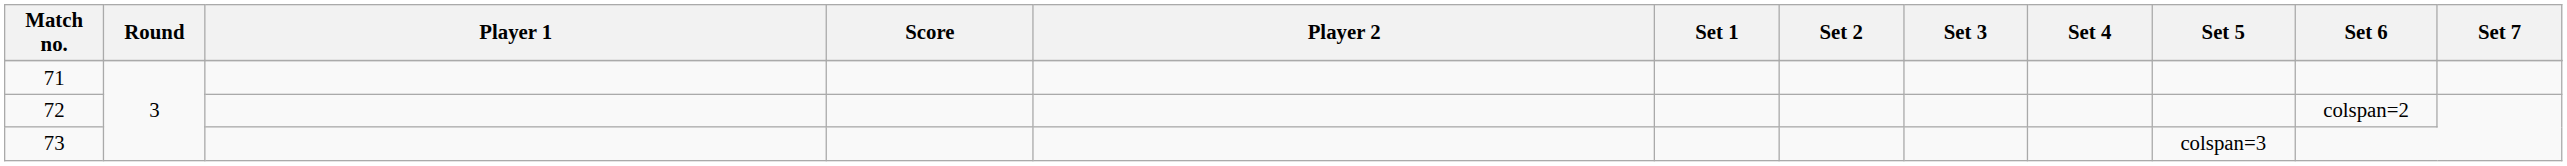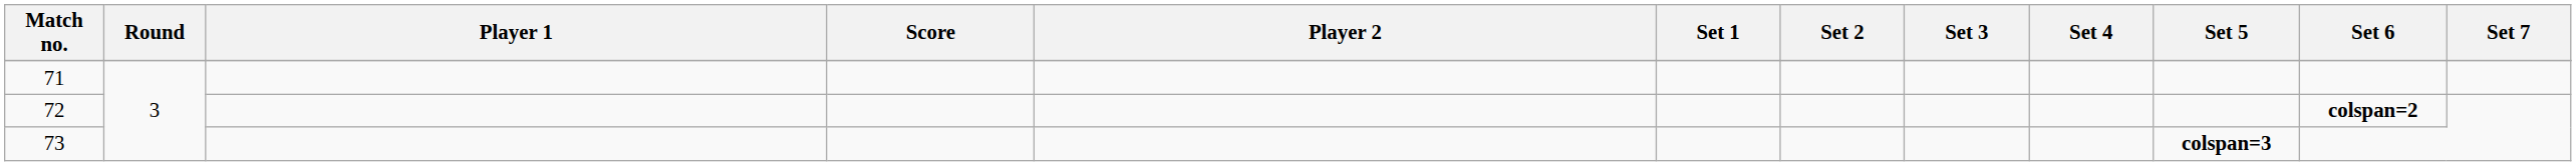 <table class="wikitable" style="text-align: center;">
 <tr>
 <th width="2%">Match no.</th>
 <th width="2%">Round</th>
 <th width="15%">Player 1</th>
 <th width="5%">Score</th>
 <th width="15%">Player 2</th>
 <th width="3%">Set 1</th>
 <th width="3%">Set 2</th>
 <th width="3%">Set 3</th>
 <th width="3%">Set 4</th>
 <th width="3%">Set 5</th>
 <th width="3%">Set 6</th>
 <th width="3%">Set 7</th>
 </tr>
 <tr>
 </tr>
 <tr style=text-align:center;>
 <td>71</td>
 <td rowspan=3>3</td>
 <td></td>
 <td></td>
 <td></td>
 <td></td>
 <td></td>
 <td></td>
 <td></td>
 <td></td>
 <td></td>
 <td></td>
 </tr>
 <tr style=text-align:center;>
 <td>72</td>
 <td></td>
 <td></td>
 <td></td>
 <td></td>
 <td></td>
 <td></td>
 <td></td>
 <td></td>
-<td>colspan=2</td>
+<td><strong>colspan=2</strong></td>
 </tr>
 <tr style=text-align:center;>
 <td>73</td>
 <td></td>
 <td></td>
 <td></td>
 <td></td>
 <td></td>
 <td></td>
 <td></td>
-<td>colspan=3</td>
+<td><strong>colspan=3</strong></td>
 </tr>
 </table>
